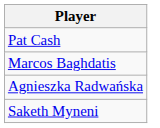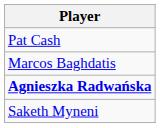 <table class="wikitable">
 <tr>
 <th>Player</th>
 </tr>
 <tr>
 <td> <a href='#'>Pat Cash</a></td>
 </tr>
 <tr>
 <td> <a href='#'>Marcos Baghdatis</a></td>
 </tr>
 <tr>
-<td> <a href='#'>Agnieszka Radwańska</a></td>
+<td><strong> <a href='#'>Agnieszka Radwańska</a></strong></td>
 </tr>
 <tr>
 <td> <a href='#'>Saketh Myneni</a></td>
 </tr>
 </table>
